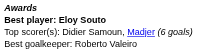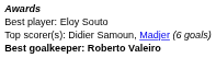 <table width=100% cellspacing=1 style="font-size: 90%;">
 <tr>
 <td><strong><em>Awards</em></strong></td>
 </tr>
 <tr>
-<td><strong>Best player:  Eloy Souto</strong></td>
+<td>Best player:  Eloy Souto</td>
 </tr>
 <tr>
 <td colspan=4>Top scorer(s):  Didier Samoun,  <a href='#'>Madjer</a> <em>(6 goals)</em></td>
 </tr>
 <tr>
-<td>Best goalkeeper:  Roberto Valeiro</td>
+<td><strong>Best goalkeeper:  Roberto Valeiro</strong></td>
 </tr>
 </table>
